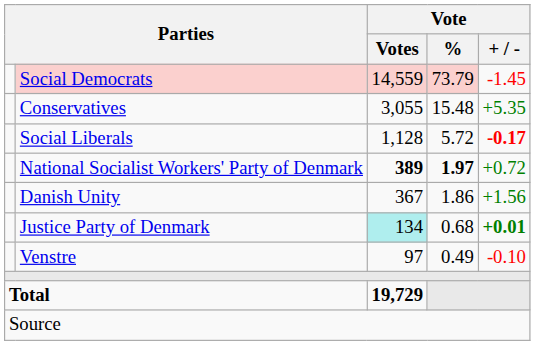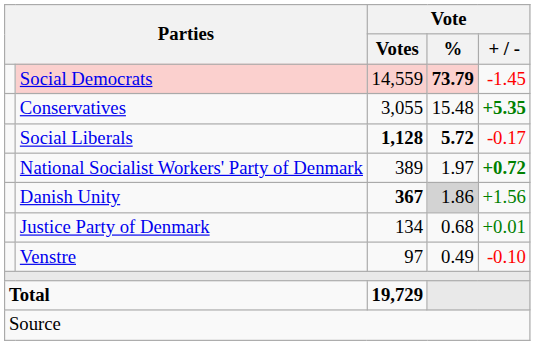 <table class="wikitable" style="text-align:right;">
 <tr>
 <th style="text-align:centre;" rowspan="2" colspan="2" width="225">Parties</th>
 <th colspan="3">Vote</th>
 </tr>
 <tr>
 <th width="15">Votes</th>
 <th width="15">%</th>
 <th width="15">+ / -</th>
 </tr>
 <tr>
 <td width="2" style="color:inherit;background:"></td>
 <td bgcolor=#fbd0ce  align="left"><a href='#'>Social Democrats</a></td>
 <td bgcolor=#fbd0ce>14,559</td>
-<td bgcolor=#fbd0ce>73.79</td>
+<td bgcolor=#fbd0ce><strong>73.79</strong></td>
 <td style=color:red;>-1.45</td>
 </tr>
 <tr>
 <td width="2" style="color:inherit;background:"></td>
 <td align="left"><a href='#'>Conservatives</a></td>
 <td>3,055</td>
 <td>15.48</td>
-<td style=color:green;>+5.35</td>
+<td style=color:green;><strong>+5.35</strong></td>
 </tr>
 <tr>
 <td width="2" style="color:inherit;background:"></td>
 <td align="left"><a href='#'>Social Liberals</a></td>
-<td>1,128</td>
-<td>5.72</td>
-<td style=color:red;><strong>-0.17</strong></td>
+<td><strong>1,128</strong></td>
+<td><strong>5.72</strong></td>
+<td style=color:red;>-0.17</td>
 </tr>
 <tr>
 <td width="2" style="color:inherit;background:"></td>
 <td align="left"><a href='#'>National Socialist Workers' Party of Denmark</a></td>
-<td><strong>389</strong></td>
-<td><strong>1.97</strong></td>
-<td style=color:green;>+0.72</td>
+<td>389</td>
+<td>1.97</td>
+<td style=color:green;><strong>+0.72</strong></td>
 </tr>
 <tr>
 <td width="2" style="color:inherit;background:"></td>
 <td align="left"><a href='#'>Danish Unity</a></td>
-<td>367</td>
-<td>1.86</td>
+<td><strong>367</strong></td>
+<td style="background: lightgrey;">1.86</td>
 <td style=color:green;>+1.56</td>
 </tr>
 <tr>
 <td width="2" style="color:inherit;background:"></td>
 <td align="left"><a href='#'>Justice Party of Denmark</a></td>
-<td style="background: paleturquoise;">134</td>
+<td>134</td>
 <td>0.68</td>
-<td style=color:green;><strong>+0.01</strong></td>
+<td style=color:green;>+0.01</td>
 </tr>
 <tr>
 <td width="2" style="color:inherit;background:"></td>
 <td align="left"><a href='#'>Venstre</a></td>
 <td>97</td>
 <td>0.49</td>
 <td style=color:red;>-0.10</td>
 </tr>
 <tr>
 <td colspan="7" bgcolor="#E9E9E9"></td>
 </tr>
 <tr>
 <td align="left" colspan="2"><strong>Total</strong></td>
 <td><strong>19,729</strong></td>
 <td bgcolor="#E9E9E9" colspan="2"></td>
 </tr>
 <tr>
 <td align="left" colspan="6">Source</td>
 </tr>
 </table>
